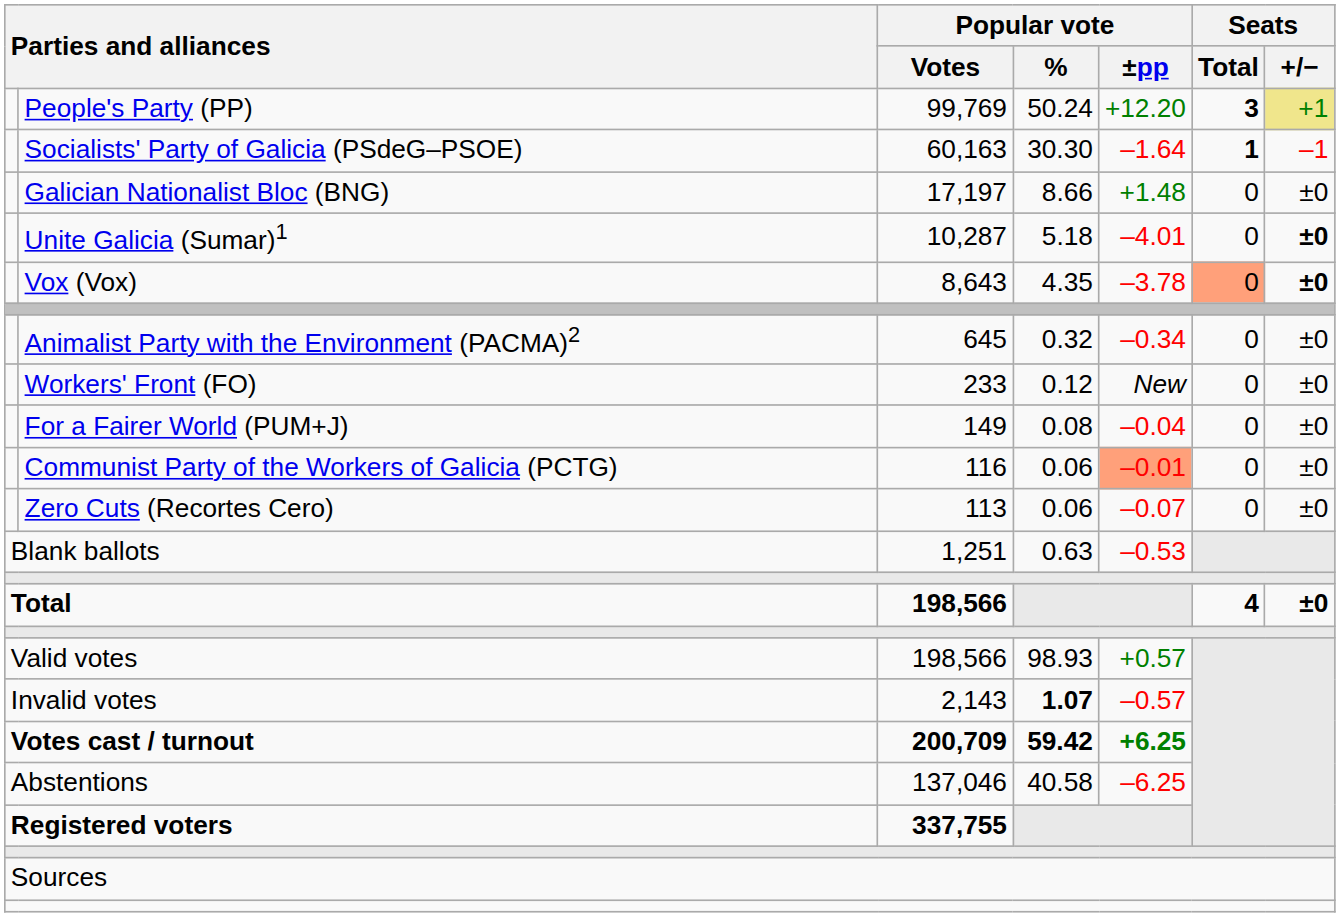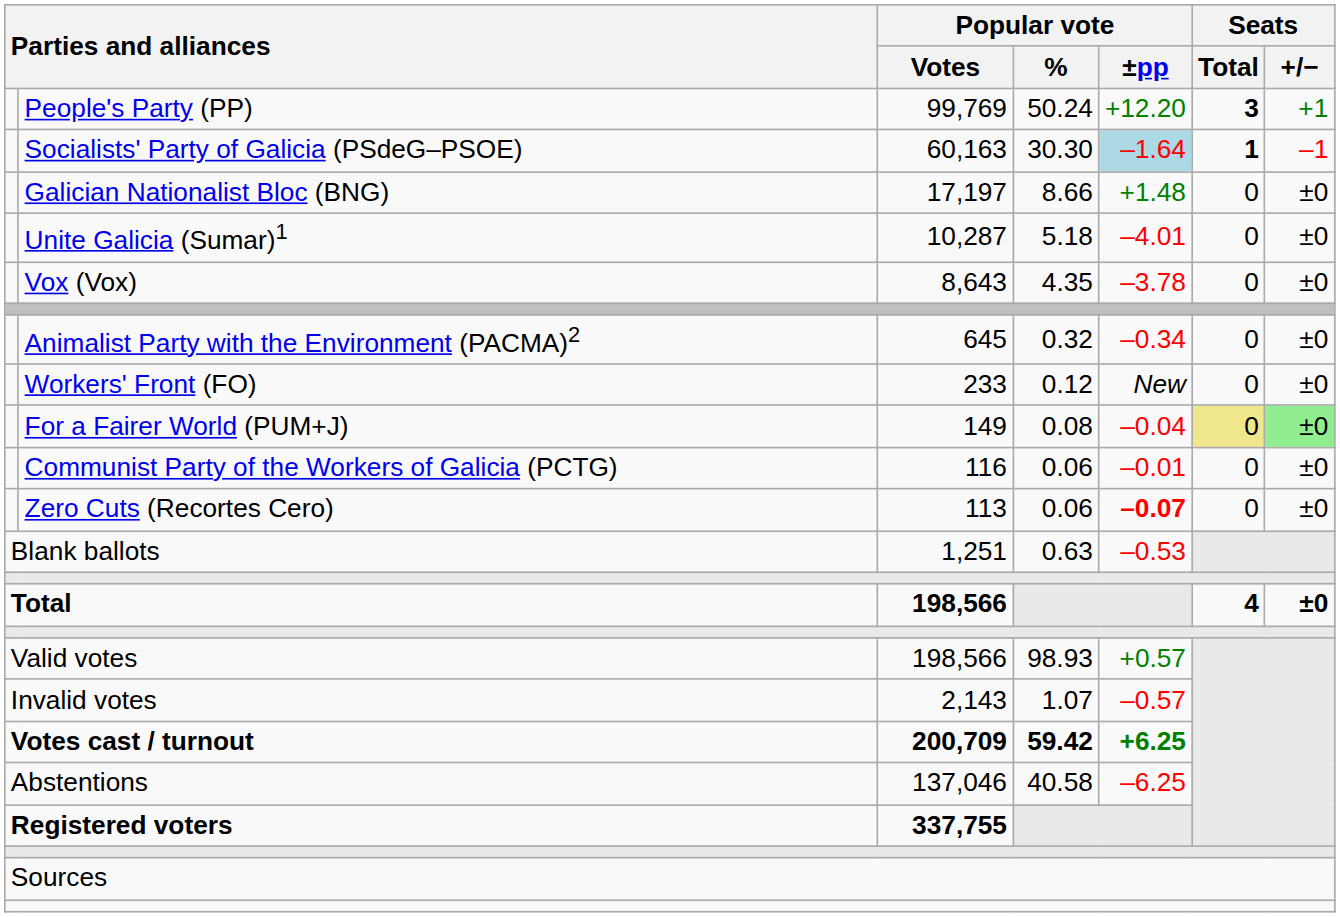 <table class="wikitable" style="text-align:right;">
 <tr>
 <th style="text-align:left;" rowspan="2" colspan="2" width="525">Parties and alliances</th>
 <th colspan="3">Popular vote</th>
 <th colspan="2">Seats</th>
 </tr>
 <tr>
 <th width="75">Votes</th>
 <th width="45">%</th>
 <th width="45">±<a href='#'>pp</a></th>
 <th width="35">Total</th>
 <th width="35">+/−</th>
 </tr>
 <tr>
 <td width="1" style="color:inherit;background:"></td>
 <td align="left"><a href='#'>People's Party</a> (PP)</td>
 <td>99,769</td>
 <td>50.24</td>
 <td style="color:green;">+12.20</td>
 <td><strong>3</strong></td>
-<td style="background: khaki; color:green;">+1</td>
+<td style="color:green;">+1</td>
 </tr>
 <tr>
 <td style="color:inherit;background:"></td>
 <td align="left"><a href='#'>Socialists' Party of Galicia</a> (PSdeG–PSOE)</td>
 <td>60,163</td>
 <td>30.30</td>
-<td style="color:red;">–1.64</td>
+<td style="background: lightblue; color:red;">–1.64</td>
 <td><strong>1</strong></td>
 <td style="color:red;">–1</td>
 </tr>
 <tr>
 <td style="color:inherit;background:"></td>
 <td align="left"><a href='#'>Galician Nationalist Bloc</a> (BNG)</td>
 <td>17,197</td>
 <td>8.66</td>
 <td style="color:green;">+1.48</td>
 <td>0</td>
 <td>±0</td>
 </tr>
 <tr>
 <td style="color:inherit;background:"></td>
 <td align="left"><a href='#'>Unite Galicia</a> (Sumar)<sup>1</sup></td>
 <td>10,287</td>
 <td>5.18</td>
 <td style="color:red;">–4.01</td>
 <td>0</td>
-<td><strong>±0</strong></td>
+<td>±0</td>
 </tr>
 <tr>
 <td style="color:inherit;background:"></td>
 <td align="left"><a href='#'>Vox</a> (Vox)</td>
 <td>8,643</td>
 <td>4.35</td>
 <td style="color:red;">–3.78</td>
-<td style="background: lightsalmon;">0</td>
-<td><strong>±0</strong></td>
+<td>0</td>
+<td>±0</td>
 </tr>
 <tr>
 <td colspan="7" bgcolor="#C0C0C0"></td>
 </tr>
 <tr>
 <td style="color:inherit;background:"></td>
 <td align="left"><a href='#'>Animalist Party with the Environment</a> (PACMA)<sup>2</sup></td>
 <td>645</td>
 <td>0.32</td>
 <td style="color:red;">–0.34</td>
 <td>0</td>
 <td>±0</td>
 </tr>
 <tr>
 <td style="color:inherit;background:"></td>
 <td align="left"><a href='#'>Workers' Front</a> (FO)</td>
 <td>233</td>
 <td>0.12</td>
 <td><em>New</em></td>
 <td>0</td>
 <td>±0</td>
 </tr>
 <tr>
 <td style="color:inherit;background:"></td>
 <td align="left"><a href='#'>For a Fairer World</a> (PUM+J)</td>
 <td>149</td>
 <td>0.08</td>
 <td style="color:red;">–0.04</td>
-<td>0</td>
-<td>±0</td>
+<td style="background: khaki;">0</td>
+<td style="background: lightgreen;">±0</td>
 </tr>
 <tr>
 <td style="color:inherit;background:"></td>
 <td align="left"><a href='#'>Communist Party of the Workers of Galicia</a> (PCTG)</td>
 <td>116</td>
 <td>0.06</td>
-<td style="background: lightsalmon; color:red;">–0.01</td>
+<td style="color:red;">–0.01</td>
 <td>0</td>
 <td>±0</td>
 </tr>
 <tr>
 <td style="color:inherit;background:"></td>
 <td align="left"><a href='#'>Zero Cuts</a> (Recortes Cero)</td>
 <td>113</td>
 <td>0.06</td>
-<td style="color:red;">–0.07</td>
+<td style="color:red;"><strong>–0.07</strong></td>
 <td>0</td>
 <td>±0</td>
 </tr>
 <tr>
 <td align="left" colspan="2">Blank ballots</td>
 <td>1,251</td>
 <td>0.63</td>
 <td style="color:red;">–0.53</td>
 <td bgcolor="#E9E9E9" colspan="2"></td>
 </tr>
 <tr>
 <td colspan="7" bgcolor="#E9E9E9"></td>
 </tr>
 <tr style="font-weight:bold;">
 <td align="left" colspan="2">Total</td>
 <td>198,566</td>
 <td bgcolor="#E9E9E9" colspan="2"></td>
 <td>4</td>
 <td>±0</td>
 </tr>
 <tr>
 <td colspan="7" bgcolor="#E9E9E9"></td>
 </tr>
 <tr>
 <td align="left" colspan="2">Valid votes</td>
 <td>198,566</td>
 <td>98.93</td>
 <td style="color:green;">+0.57</td>
 <td bgcolor="#E9E9E9" colspan="2" rowspan="5"></td>
 </tr>
 <tr>
 <td align="left" colspan="2">Invalid votes</td>
 <td>2,143</td>
-<td><strong>1.07</strong></td>
+<td>1.07</td>
 <td style="color:red;">–0.57</td>
 </tr>
 <tr style="font-weight:bold;">
 <td align="left" colspan="2">Votes cast / turnout</td>
 <td>200,709</td>
 <td>59.42</td>
 <td style="color:green;">+6.25</td>
 </tr>
 <tr>
 <td align="left" colspan="2">Abstentions</td>
 <td>137,046</td>
 <td>40.58</td>
 <td style="color:red;">–6.25</td>
 </tr>
 <tr style="font-weight:bold;">
 <td align="left" colspan="2">Registered voters</td>
 <td>337,755</td>
 <td bgcolor="#E9E9E9" colspan="2"></td>
 </tr>
 <tr>
 <td colspan="7" bgcolor="#E9E9E9"></td>
 </tr>
 <tr>
 <td align="left" colspan="7">Sources</td>
 </tr>
 <tr>
 <td colspan="7" style="text-align:left; max-width:790px;"></td>
 </tr>
 </table>
